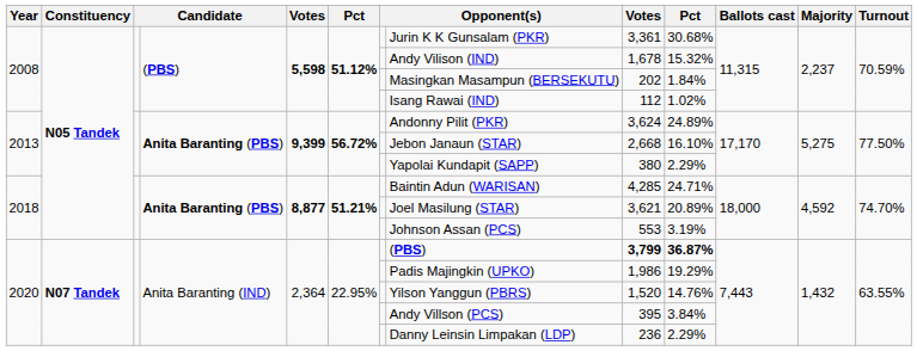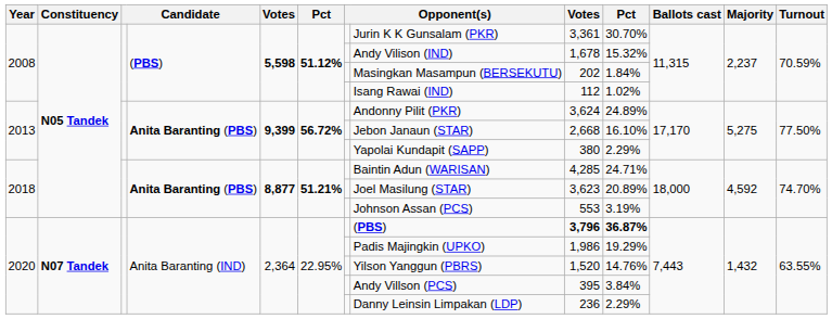 <table class="wikitable" style="margin:0.5em ; font-size:95%">
 <tr>
 <th>Year</th>
 <th>Constituency</th>
 <th colspan=2>Candidate</th>
 <th>Votes</th>
 <th>Pct</th>
 <th colspan=2>Opponent(s)</th>
 <th>Votes</th>
 <th>Pct</th>
 <th>Ballots cast</th>
 <th>Majority</th>
 <th>Turnout</th>
 </tr>
 <tr>
 <td rowspan=4>2008</td>
 <td rowspan=10><strong>N05 <a href='#'>Tandek</a></strong></td>
 <td rowspan=4 ></td>
 <td rowspan=4> (<a href='#'><strong>PBS</strong></a>)</td>
 <td rowspan=4 align="right"><strong>5,598</strong></td>
 <td rowspan=4><strong>51.12%</strong></td>
 <td></td>
 <td>Jurin K K Gunsalam (<a href='#'>PKR</a>)</td>
 <td align="right">3,361</td>
-<td>30.68%</td>
+<td>30.70%</td>
 <td rowspan=4>11,315</td>
 <td rowspan=4>2,237</td>
 <td rowspan=4>70.59%</td>
 </tr>
 <tr>
 <td></td>
 <td>Andy Vilison (<a href='#'>IND</a>)</td>
 <td align="right">1,678</td>
 <td>15.32%</td>
 </tr>
 <tr>
 <td></td>
 <td>Masingkan Masampun (<a href='#'>BERSEKUTU</a>)</td>
 <td align="right">202</td>
 <td>1.84%</td>
 </tr>
 <tr>
 <td></td>
 <td>Isang Rawai (<a href='#'>IND</a>)</td>
 <td align="right">112</td>
 <td>1.02%</td>
 </tr>
 <tr>
 <td rowspan=3>2013</td>
 <td rowspan=3 ></td>
 <td rowspan=3><strong>Anita Baranting</strong> (<a href='#'><strong>PBS</strong></a>)</td>
 <td rowspan=3 align="right"><strong>9,399</strong></td>
 <td rowspan=3><strong>56.72%</strong></td>
 <td></td>
 <td>Andonny Pilit (<a href='#'>PKR</a>)</td>
 <td align="right">3,624</td>
 <td>24.89%</td>
 <td rowspan=3>17,170</td>
 <td rowspan=3>5,275</td>
 <td rowspan=3>77.50%</td>
 </tr>
 <tr>
 <td></td>
 <td>Jebon Janaun (<a href='#'>STAR</a>)</td>
 <td align="right">2,668</td>
 <td>16.10%</td>
 </tr>
 <tr>
 <td></td>
 <td>Yapolai Kundapit (<a href='#'>SAPP</a>)</td>
 <td align="right">380</td>
 <td>2.29%</td>
 </tr>
 <tr>
 <td rowspan=3>2018</td>
 <td rowspan=3 ></td>
 <td rowspan=3><strong>Anita Baranting</strong> (<a href='#'><strong>PBS</strong></a>)</td>
 <td rowspan=3 align="right"><strong>8,877</strong></td>
 <td rowspan=3><strong>51.21%</strong></td>
 <td></td>
 <td>Baintin Adun (<a href='#'>WARISAN</a>)</td>
 <td align="right">4,285</td>
 <td>24.71%</td>
 <td rowspan=3>18,000</td>
 <td rowspan=3>4,592</td>
 <td rowspan=3>74.70%</td>
 </tr>
 <tr>
 <td></td>
 <td>Joel Masilung (<a href='#'>STAR</a>)</td>
-<td align="right">3,621</td>
+<td align="right">3,623</td>
 <td>20.89%</td>
 </tr>
 <tr>
 <td></td>
 <td>Johnson Assan (<a href='#'>PCS</a>)</td>
 <td align="right">553</td>
 <td>3.19%</td>
 </tr>
 <tr>
 <td rowspan=5>2020</td>
 <td rowspan=5><strong>N07 <a href='#'>Tandek</a></strong></td>
 <td rowspan=5 ></td>
 <td rowspan=5>Anita Baranting (<a href='#'>IND</a>)</td>
 <td rowspan=5 align="right">2,364</td>
 <td rowspan=5>22.95%</td>
 <td></td>
 <td> (<a href='#'><strong>PBS</strong></a>)</td>
-<td align="right"><strong>3,799</strong></td>
+<td align="right"><strong>3,796</strong></td>
 <td><strong>36.87%</strong></td>
 <td rowspan=5>7,443</td>
 <td rowspan=5>1,432</td>
 <td rowspan=5>63.55%</td>
 </tr>
 <tr>
 <td></td>
 <td>Padis Majingkin (<a href='#'>UPKO</a>)</td>
 <td align="right">1,986</td>
 <td>19.29%</td>
 </tr>
 <tr>
 <td></td>
 <td>Yilson Yanggun (<a href='#'>PBRS</a>)</td>
 <td align="right">1,520</td>
 <td>14.76%</td>
 </tr>
 <tr>
 <td></td>
 <td>Andy Villson (<a href='#'>PCS</a>)</td>
 <td align="right">395</td>
 <td>3.84%</td>
 </tr>
 <tr>
 <td bgcolor=></td>
 <td>Danny Leinsin Limpakan (<a href='#'>LDP</a>)</td>
 <td align="right">236</td>
 <td>2.29%</td>
 </tr>
 </table>
